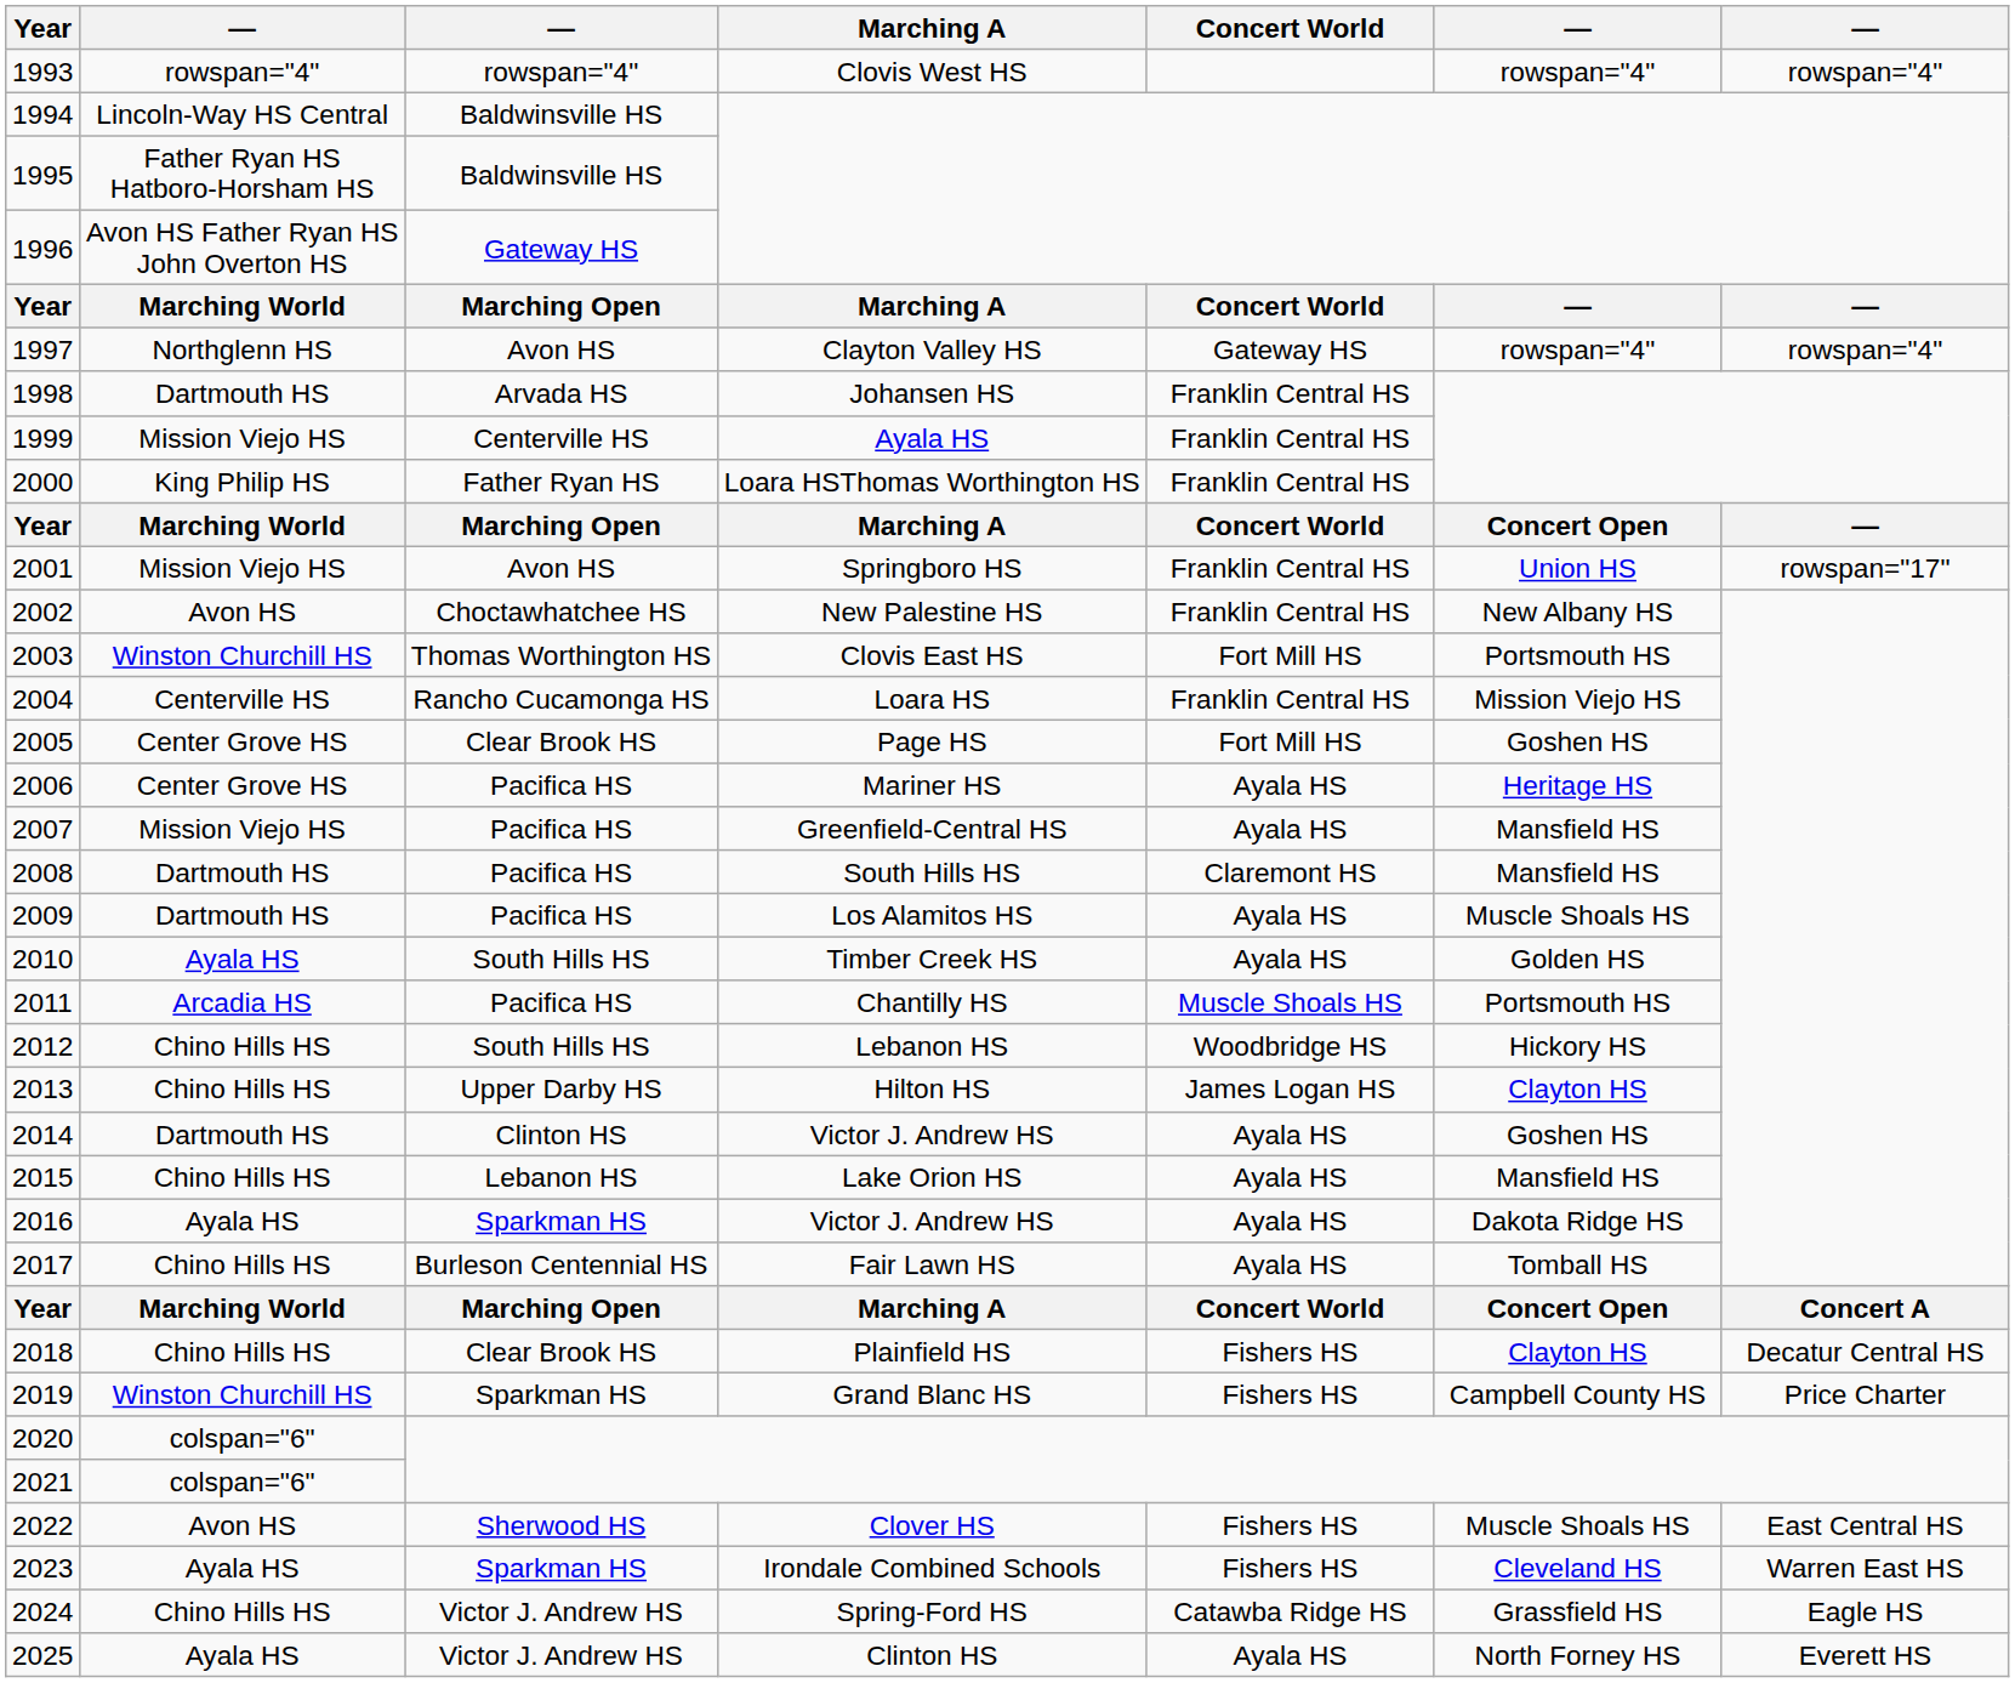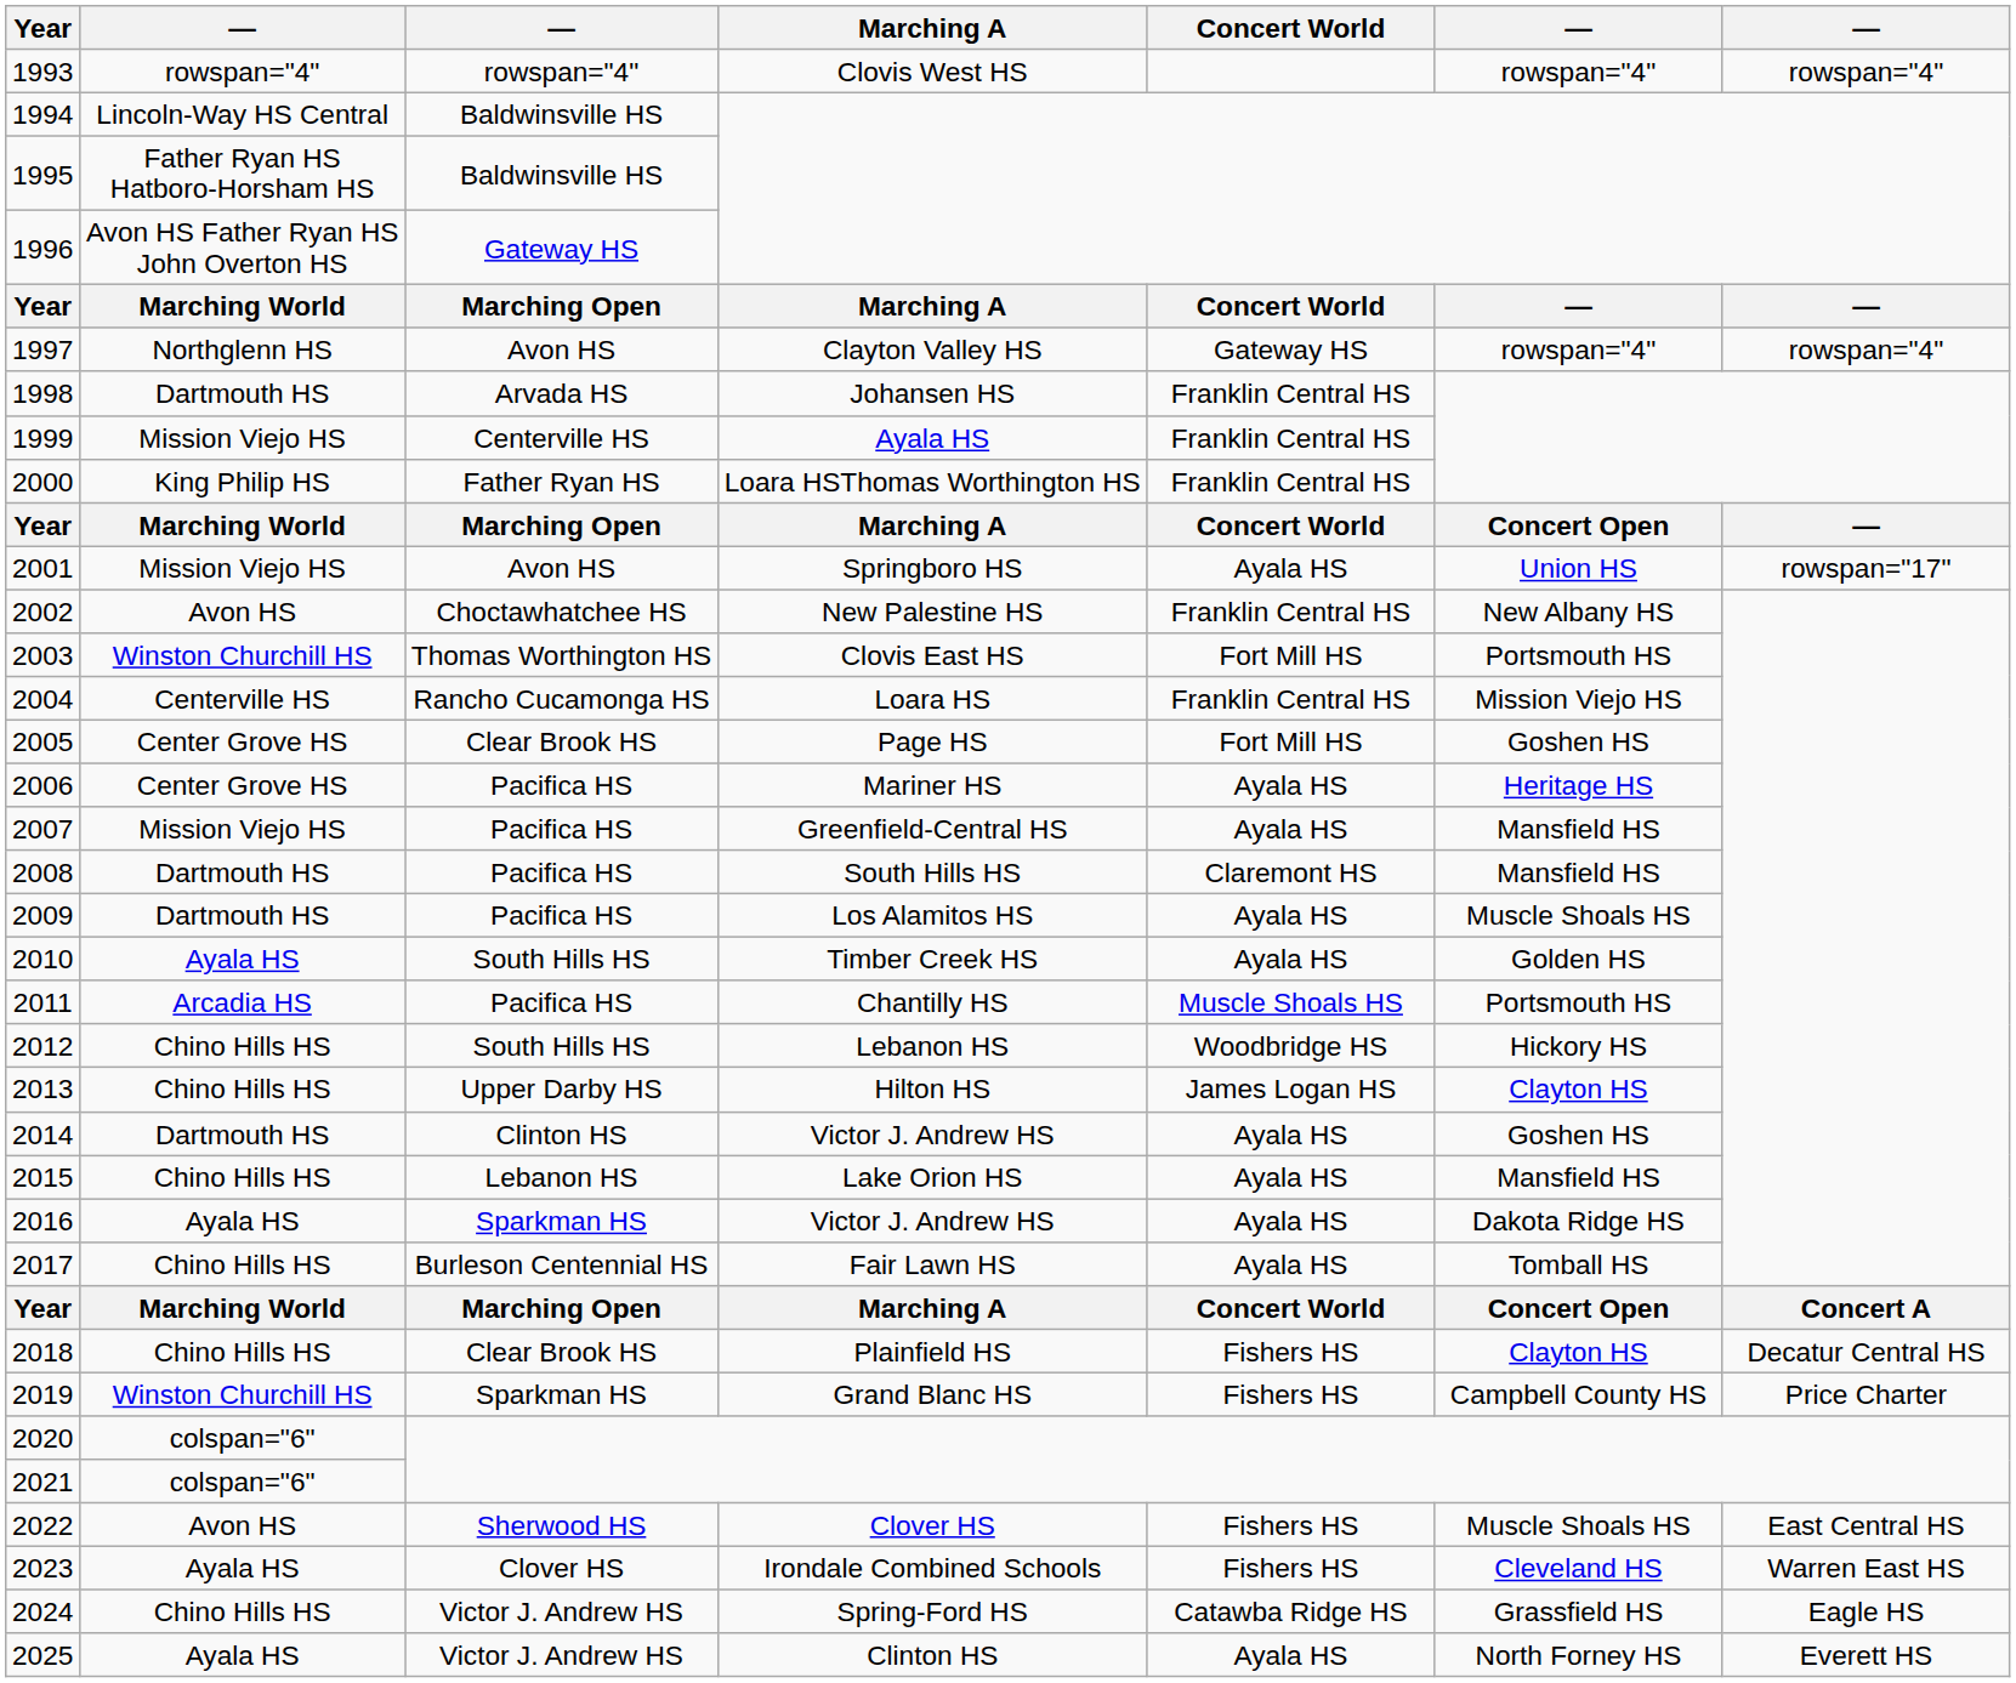 <table class="wikitable" style="font-size: 95%; text-align:center;">
 <tr>
 <th>Year</th>
 <th style="min-width: 10em;">—</th>
 <th style="min-width: 10em;">—</th>
 <th style="min-width: 10em;">Marching A</th>
 <th style="min-width: 10em;">Concert World</th>
 <th style="min-width: 10em;">—</th>
 <th style="min-width: 10em;">—</th>
 </tr>
 <tr>
 <td>1993</td>
 <td>rowspan="4" </td>
 <td>rowspan="4" </td>
 <td>Clovis West HS</td>
 <td></td>
 <td>rowspan="4" </td>
 <td>rowspan="4" </td>
 </tr>
 <tr>
 <td>1994</td>
 <td>Lincoln-Way HS Central</td>
 <td>Baldwinsville HS </td>
 </tr>
 <tr>
 <td>1995</td>
 <td>Father Ryan HS  <br> Hatboro-Horsham HS </td>
 <td>Baldwinsville HS </td>
 </tr>
 <tr>
 <td>1996</td>
 <td>Avon HS <em></em>Father Ryan HS  <br> John Overton HS </td>
 <td><a href='#'>Gateway HS</a>  </td>
 </tr>
 <tr>
 <th>Year</th>
 <th>Marching World</th>
 <th>Marching Open</th>
 <th>Marching A</th>
 <th>Concert World</th>
 <th>—</th>
 <th>—</th>
 </tr>
 <tr>
 <td>1997</td>
 <td>Northglenn HS</td>
 <td>Avon HS </td>
 <td>Clayton Valley HS</td>
 <td>Gateway HS </td>
 <td>rowspan="4" </td>
 <td>rowspan="4" </td>
 </tr>
 <tr>
 <td>1998</td>
 <td>Dartmouth HS </td>
 <td>Arvada HS</td>
 <td>Johansen HS</td>
 <td>Franklin Central HS </td>
 </tr>
 <tr>
 <td>1999</td>
 <td>Mission Viejo HS</td>
 <td>Centerville HS</td>
 <td><a href='#'>Ayala HS</a></td>
 <td>Franklin Central HS </td>
 </tr>
 <tr>
 <td>2000</td>
 <td>King Philip HS</td>
 <td>Father Ryan HS</td>
 <td>Loara HS<em></em>Thomas Worthington HS</td>
 <td>Franklin Central HS </td>
 </tr>
 <tr>
 <th>Year</th>
 <th>Marching World</th>
 <th>Marching Open</th>
 <th>Marching A</th>
 <th>Concert World</th>
 <th>Concert Open</th>
 <th>—</th>
 </tr>
 <tr>
 <td>2001</td>
 <td>Mission Viejo HS</td>
 <td>Avon HS </td>
 <td>Springboro HS</td>
-<td>Franklin Central HS </td>
+<td>Ayala HS </td>
 <td><a href='#'>Union HS</a></td>
 <td>rowspan="17" </td>
 </tr>
 <tr>
 <td>2002</td>
 <td>Avon HS</td>
 <td>Choctawhatchee HS</td>
 <td>New Palestine HS</td>
 <td>Franklin Central HS </td>
 <td>New Albany HS</td>
 </tr>
 <tr>
 <td>2003</td>
 <td><a href='#'>Winston Churchill HS</a></td>
 <td>Thomas Worthington HS</td>
 <td>Clovis East HS</td>
 <td>Fort Mill HS </td>
 <td>Portsmouth HS </td>
 </tr>
 <tr>
 <td>2004</td>
 <td>Centerville HS</td>
 <td>Rancho Cucamonga HS</td>
 <td>Loara HS </td>
 <td>Franklin Central HS </td>
 <td>Mission Viejo HS</td>
 </tr>
 <tr>
 <td>2005</td>
 <td>Center Grove HS </td>
 <td>Clear Brook HS</td>
 <td>Page HS</td>
 <td>Fort Mill HS </td>
 <td>Goshen HS</td>
 </tr>
 <tr>
 <td>2006</td>
 <td>Center Grove HS </td>
 <td>Pacifica HS </td>
 <td>Mariner HS</td>
 <td>Ayala HS </td>
 <td><a href='#'>Heritage HS</a></td>
 </tr>
 <tr>
 <td>2007</td>
 <td>Mission Viejo HS</td>
 <td>Pacifica HS </td>
 <td>Greenfield-Central HS</td>
 <td>Ayala HS </td>
 <td>Mansfield HS </td>
 </tr>
 <tr>
 <td>2008</td>
 <td>Dartmouth HS </td>
 <td>Pacifica HS </td>
 <td>South Hills HS</td>
 <td>Claremont HS</td>
 <td>Mansfield HS </td>
 </tr>
 <tr>
 <td>2009</td>
 <td>Dartmouth HS </td>
 <td>Pacifica HS </td>
 <td>Los Alamitos HS</td>
 <td>Ayala HS </td>
 <td>Muscle Shoals HS </td>
 </tr>
 <tr>
 <td>2010</td>
 <td><a href='#'>Ayala HS</a></td>
 <td>South Hills HS</td>
 <td>Timber Creek HS</td>
 <td>Ayala HS </td>
 <td>Golden HS</td>
 </tr>
 <tr>
 <td>2011</td>
 <td><a href='#'>Arcadia HS</a></td>
 <td>Pacifica HS </td>
 <td>Chantilly HS</td>
 <td><a href='#'>Muscle Shoals HS</a></td>
 <td>Portsmouth HS </td>
 </tr>
 <tr>
 <td>2012</td>
 <td>Chino Hills HS </td>
 <td>South Hills HS </td>
 <td>Lebanon HS</td>
 <td>Woodbridge HS</td>
 <td>Hickory HS</td>
 </tr>
 <tr>
 <td>2013</td>
 <td>Chino Hills HS </td>
 <td>Upper Darby HS</td>
 <td>Hilton HS</td>
 <td>James Logan HS</td>
 <td><a href='#'>Clayton HS</a></td>
 </tr>
 <tr>
 <td>2014</td>
 <td>Dartmouth HS </td>
 <td>Clinton HS</td>
 <td>Victor J. Andrew HS </td>
 <td>Ayala HS </td>
 <td>Goshen HS</td>
 </tr>
 <tr>
 <td>2015</td>
 <td>Chino Hills HS </td>
 <td>Lebanon HS</td>
 <td>Lake Orion HS</td>
 <td>Ayala HS </td>
 <td>Mansfield HS </td>
 </tr>
 <tr>
 <td>2016</td>
 <td>Ayala HS </td>
 <td><a href='#'>Sparkman HS</a> </td>
 <td>Victor J. Andrew HS </td>
 <td>Ayala HS </td>
 <td>Dakota Ridge HS</td>
 </tr>
 <tr>
 <td>2017</td>
 <td>Chino Hills HS </td>
 <td>Burleson Centennial HS</td>
 <td>Fair Lawn HS</td>
 <td>Ayala HS </td>
 <td>Tomball HS</td>
 </tr>
 <tr>
 <th>Year</th>
 <th>Marching World</th>
 <th>Marching Open</th>
 <th>Marching A</th>
 <th>Concert World</th>
 <th>Concert Open</th>
 <th>Concert A</th>
 </tr>
 <tr>
 <td>2018</td>
 <td>Chino Hills HS </td>
 <td>Clear Brook HS</td>
 <td>Plainfield HS</td>
 <td>Fishers HS </td>
 <td><a href='#'>Clayton HS</a></td>
 <td>Decatur Central HS</td>
 </tr>
 <tr>
 <td>2019</td>
 <td><a href='#'>Winston Churchill HS</a></td>
 <td>Sparkman HS </td>
 <td>Grand Blanc HS</td>
 <td>Fishers HS </td>
 <td>Campbell County HS</td>
 <td>Price Charter</td>
 </tr>
 <tr>
 <td>2020</td>
 <td>colspan="6" </td>
 </tr>
 <tr>
 <td>2021</td>
 <td>colspan="6" </td>
 </tr>
 <tr>
 <td>2022</td>
 <td>Avon HS </td>
 <td><a href='#'>Sherwood HS</a></td>
 <td><a href='#'>Clover HS</a></td>
 <td>Fishers HS </td>
 <td>Muscle Shoals HS </td>
 <td>East Central HS</td>
 </tr>
 <tr>
 <td>2023</td>
 <td>Ayala HS </td>
-<td><a href='#'>Sparkman HS</a> </td>
+<td>Clover HS</td>
 <td>Irondale Combined Schools</td>
 <td>Fishers HS </td>
 <td><a href='#'>Cleveland HS</a></td>
 <td>Warren East HS</td>
 </tr>
 <tr>
 <td>2024</td>
 <td>Chino Hills HS </td>
 <td>Victor J. Andrew HS </td>
 <td>Spring-Ford HS</td>
 <td>Catawba Ridge HS</td>
 <td>Grassfield HS</td>
 <td>Eagle HS</td>
 </tr>
 <tr>
 <td>2025</td>
 <td>Ayala HS </td>
 <td>Victor J. Andrew HS </td>
 <td>Clinton HS</td>
 <td>Ayala HS </td>
 <td>North Forney HS</td>
 <td>Everett HS</td>
 </tr>
 </table>
